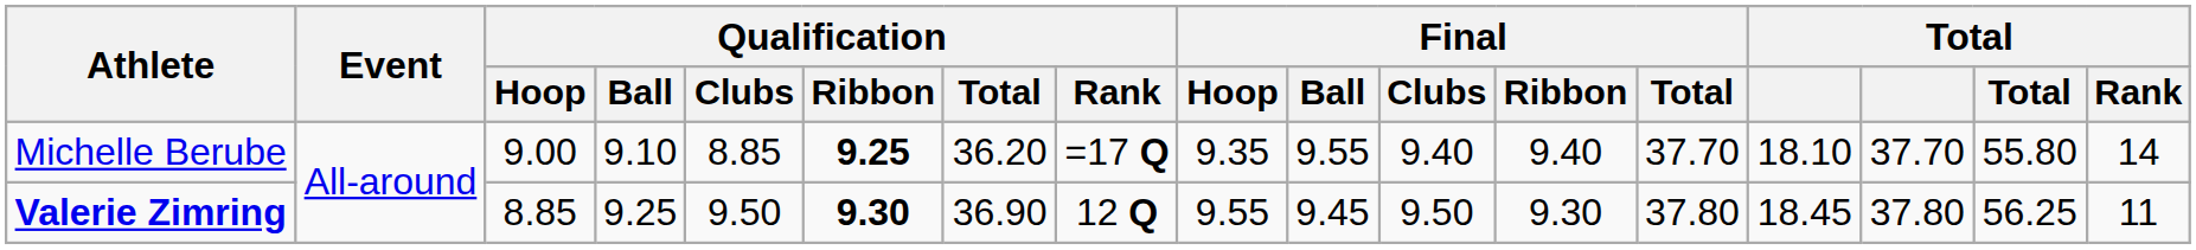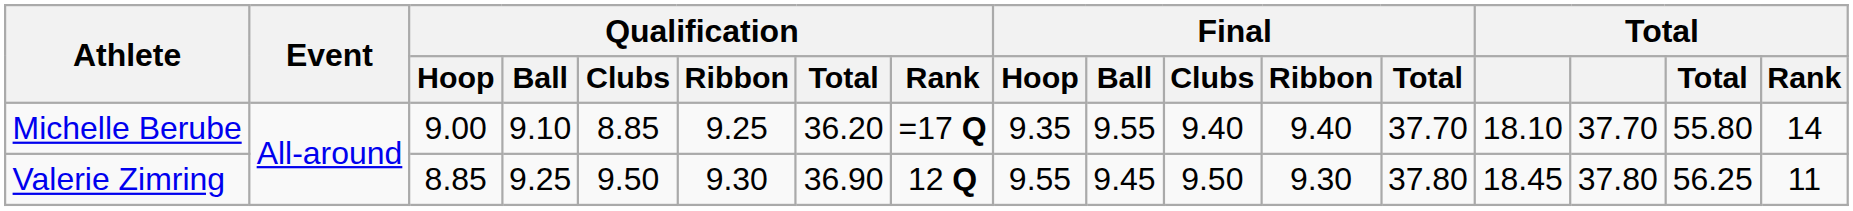 <table class=wikitable style=font-size:90%;text-align:center>
 <tr>
 <th rowspan=2>Athlete</th>
 <th rowspan=2>Event</th>
 <th colspan=6>Qualification</th>
 <th colspan=5>Final</th>
 <th colspan=4>Total</th>
 </tr>
 <tr style=font-size:95%>
 <th>Hoop</th>
 <th>Ball</th>
 <th>Clubs</th>
 <th>Ribbon</th>
 <th>Total</th>
 <th>Rank</th>
 <th>Hoop</th>
 <th>Ball</th>
 <th>Clubs</th>
 <th>Ribbon</th>
 <th>Total</th>
 <th></th>
 <th></th>
 <th>Total</th>
 <th>Rank</th>
 </tr>
 <tr>
 <td align=left><a href='#'>Michelle Berube</a></td>
 <td align=left rowspan=2><a href='#'>All-around</a></td>
 <td>9.00</td>
 <td>9.10</td>
 <td>8.85</td>
-<td><strong>9.25</strong></td>
+<td>9.25</td>
 <td>36.20</td>
 <td>=17 <strong>Q</strong></td>
 <td>9.35</td>
 <td>9.55</td>
 <td>9.40</td>
 <td>9.40</td>
 <td>37.70</td>
 <td>18.10</td>
 <td>37.70</td>
 <td>55.80</td>
 <td>14</td>
 </tr>
 <tr>
-<td align=left><strong><a href='#'>Valerie Zimring</a></strong></td>
+<td align=left><a href='#'>Valerie Zimring</a></td>
 <td>8.85</td>
 <td>9.25</td>
 <td>9.50</td>
-<td><strong>9.30</strong></td>
+<td>9.30</td>
 <td>36.90</td>
 <td>12 <strong>Q</strong></td>
 <td>9.55</td>
 <td>9.45</td>
 <td>9.50</td>
 <td>9.30</td>
 <td>37.80</td>
 <td>18.45</td>
 <td>37.80</td>
 <td>56.25</td>
 <td>11</td>
 </tr>
 </table>
